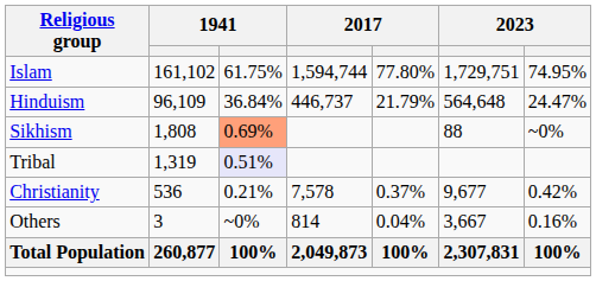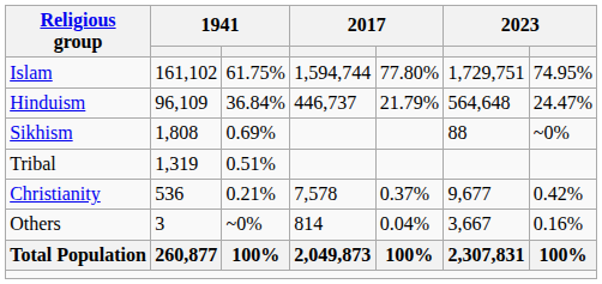 <table class="wikitable sortable">
 <tr>
 <th rowspan="2"><a href='#'>Religious</a><br>group</th>
 <th colspan="2">1941</th>
 <th colspan="2">2017</th>
 <th colspan="2">2023</th>
 </tr>
 <tr>
 <th><a href='#'></a></th>
 <th></th>
 <th></th>
 <th></th>
 <th></th>
 <th></th>
 </tr>
 <tr>
 <td><a href='#'>Islam</a> </td>
 <td>161,102</td>
 <td>61.75%</td>
 <td>1,594,744</td>
 <td>77.80%</td>
 <td>1,729,751</td>
 <td>74.95%</td>
 </tr>
 <tr>
 <td><a href='#'>Hinduism</a> </td>
 <td>96,109</td>
 <td>36.84%</td>
 <td>446,737</td>
 <td>21.79%</td>
 <td>564,648</td>
 <td>24.47%</td>
 </tr>
 <tr>
 <td><a href='#'>Sikhism</a> </td>
 <td>1,808</td>
-<td style="background: lightsalmon;">0.69%</td>
+<td>0.69%</td>
 <td></td>
 <td></td>
 <td>88</td>
 <td>~0%</td>
 </tr>
 <tr>
 <td>Tribal</td>
 <td>1,319</td>
-<td style="background: lavender;">0.51%</td>
+<td>0.51%</td>
 <td></td>
 <td></td>
 <td></td>
 <td></td>
 </tr>
 <tr>
 <td><a href='#'>Christianity</a> </td>
 <td>536</td>
 <td>0.21%</td>
 <td>7,578</td>
 <td>0.37%</td>
 <td>9,677</td>
 <td>0.42%</td>
 </tr>
 <tr>
 <td>Others </td>
 <td>3</td>
 <td>~0%</td>
 <td>814</td>
 <td>0.04%</td>
 <td>3,667</td>
 <td>0.16%</td>
 </tr>
 <tr>
 <th>Total Population</th>
 <th>260,877</th>
 <th>100%</th>
 <th>2,049,873</th>
 <th>100%</th>
 <th>2,307,831</th>
 <th>100%</th>
 </tr>
 <tr class="sortbottom">
 <td colspan="7"></td>
 </tr>
 </table>
